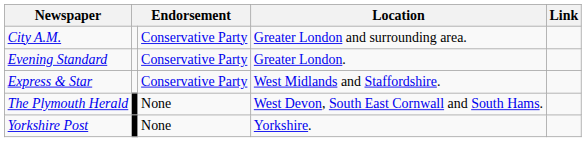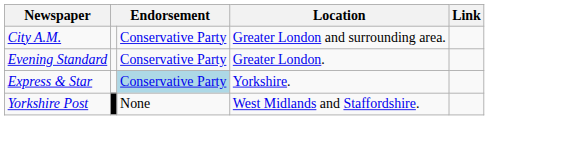 <table class="wikitable">
 <tr>
 <th>Newspaper</th>
 <th colspan=2>Endorsement</th>
 <th>Location</th>
 <th>Link</th>
 </tr>
 <tr>
 <td><em><a href='#'>City A.M.</a></em></td>
 <td style="background-color: "></td>
 <td><a href='#'>Conservative Party</a></td>
 <td><a href='#'>Greater London</a> and surrounding area.</td>
 <td></td>
 </tr>
 <tr>
 <td><em><a href='#'>Evening Standard</a></em></td>
 <td style="background-color: "></td>
 <td><a href='#'>Conservative Party</a></td>
 <td><a href='#'>Greater London</a>.</td>
 <td></td>
 </tr>
 <tr>
 <td><em><a href='#'>Express & Star</a></em></td>
 <td style="background-color: "></td>
-<td><a href='#'>Conservative Party</a></td>
-<td><a href='#'>West Midlands</a> and <a href='#'>Staffordshire</a>.</td>
-<td></td>
-</tr>
-<tr>
-<td><em><a href='#'>The Plymouth Herald</a></em></td>
-<td style="background-color: #000000"></td>
-<td>None</td>
-<td><a href='#'>West Devon</a>, <a href='#'>South East Cornwall</a> and <a href='#'>South Hams</a>.</td>
+<td style="background: lightblue;"><a href='#'>Conservative Party</a></td>
+<td><a href='#'>Yorkshire</a>.</td>
 <td></td>
 </tr>
 <tr>
 <td><em><a href='#'>Yorkshire Post</a></em></td>
 <td style="background-color: #000000"></td>
 <td>None</td>
-<td><a href='#'>Yorkshire</a>.</td>
+<td><a href='#'>West Midlands</a> and <a href='#'>Staffordshire</a>.</td>
 <td></td>
 </tr>
 </table>
